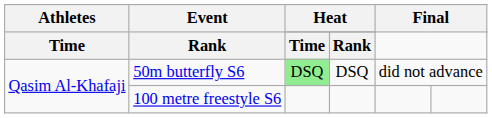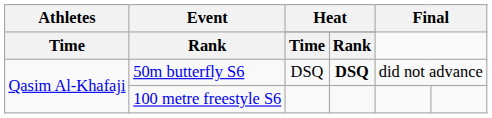 <table class=wikitable style="font-size:90%">
 <tr>
 <th rowspan="2">Athletes</th>
 <th rowspan="2">Event</th>
 <th colspan="2">Heat</th>
 <th colspan="2">Final</th>
 </tr>
 <tr style="font-size:95%">
 </tr>
 <tr>
 <th>Time</th>
 <th>Rank</th>
 <th>Time</th>
 <th>Rank</th>
 </tr>
 <tr align=center>
 <td align=left rowspan=2><a href='#'>Qasim Al-Khafaji</a></td>
 <td align=left><a href='#'>50m butterfly S6</a></td>
-<td style="background: lightgreen;">DSQ</td>
 <td>DSQ</td>
+<td><strong>DSQ</strong></td>
 <td colspan=2>did not advance</td>
 </tr>
 <tr align=center>
 <td align=left><a href='#'>100 metre freestyle S6</a></td>
 <td></td>
 <td></td>
 <td></td>
 <td></td>
 </tr>
 </table>
